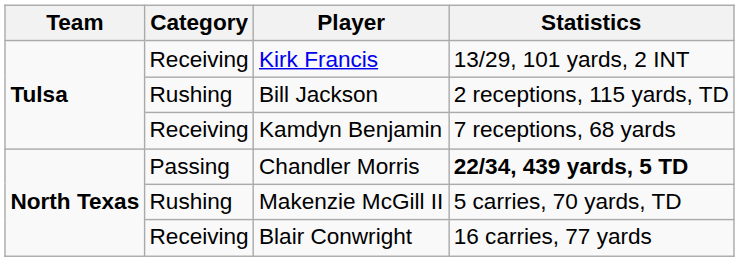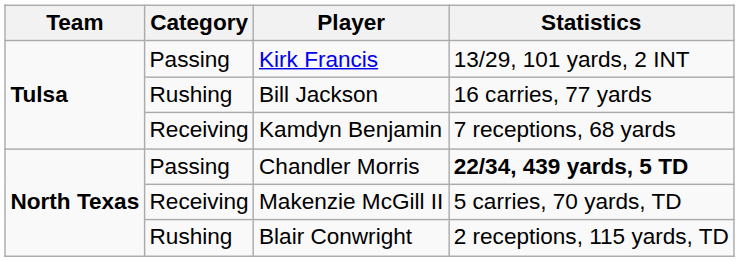 <table class="wikitable" style="float: right;">
 <tr>
 <th>Team</th>
 <th>Category</th>
 <th>Player</th>
 <th>Statistics</th>
 </tr>
 <tr>
 <td rowspan=3><strong>Tulsa</strong></td>
-<td>Receiving</td>
+<td>Passing</td>
 <td><a href='#'>Kirk Francis</a></td>
 <td>13/29, 101 yards, 2 INT</td>
 </tr>
 <tr>
 <td>Rushing</td>
 <td>Bill Jackson</td>
-<td>2 receptions, 115 yards, TD</td>
+<td>16 carries, 77 yards</td>
 </tr>
 <tr>
 <td>Receiving</td>
 <td>Kamdyn Benjamin</td>
 <td>7 receptions, 68 yards</td>
 </tr>
 <tr>
 <td rowspan=3><strong>North Texas</strong></td>
 <td>Passing</td>
 <td>Chandler Morris</td>
 <td><strong>22/34, 439 yards, 5 TD</strong></td>
 </tr>
 <tr>
-<td>Rushing</td>
+<td>Receiving</td>
 <td>Makenzie McGill II</td>
 <td>5 carries, 70 yards, TD</td>
 </tr>
 <tr>
-<td>Receiving</td>
+<td>Rushing</td>
 <td>Blair Conwright</td>
-<td>16 carries, 77 yards</td>
+<td>2 receptions, 115 yards, TD</td>
 </tr>
 </table>
